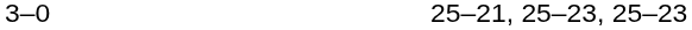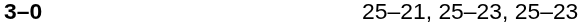 <table>
 <tr>
 <th width=200></th>
 <th width=80></th>
 <th width=200></th>
 <th width=220></th>
 </tr>
 <tr>
 <td align=right><strong></strong></td>
-<td>3–0</td>
+<td><strong>3–0</strong></td>
 <td></td>
 <td>25–21, 25–23, 25–23</td>
 </tr>
 </table>
